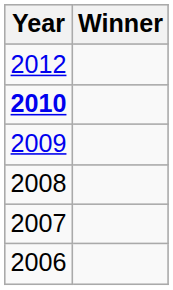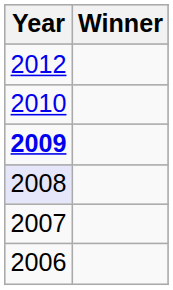 <table class="wikitable">
 <tr>
 <th>Year</th>
 <th>Winner</th>
 </tr>
 <tr>
 <td><a href='#'>2012</a></td>
 <td></td>
 </tr>
 <tr>
-<td><strong><a href='#'>2010</a></strong></td>
+<td><a href='#'>2010</a></td>
 <td></td>
 </tr>
 <tr>
-<td><a href='#'>2009</a></td>
+<td><strong><a href='#'>2009</a></strong></td>
 <td></td>
 </tr>
 <tr>
-<td>2008</td>
+<td style="background: lavender;">2008</td>
 <td></td>
 </tr>
 <tr>
 <td>2007</td>
 <td></td>
 </tr>
 <tr>
 <td>2006</td>
 <td></td>
 </tr>
 </table>
